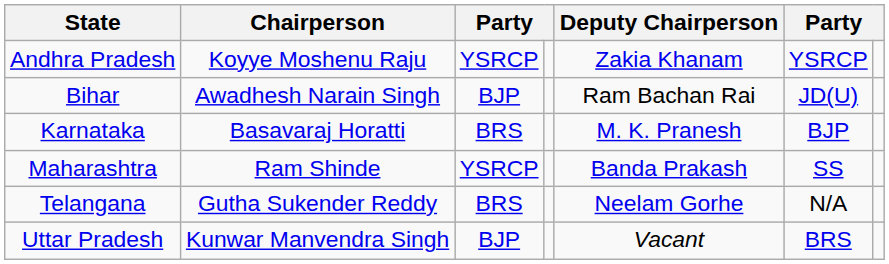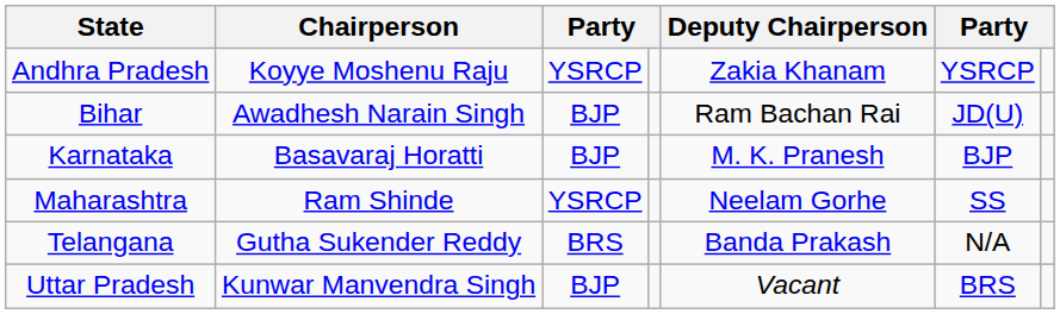 <table class="wikitable" style="text-align:center;">
 <tr>
 <th>State</th>
 <th>Chairperson</th>
 <th colspan="2" scope="col">Party</th>
 <th>Deputy Chairperson</th>
 <th colspan="2" scope="col">Party</th>
 </tr>
 <tr>
 <td><a href='#'>Andhra Pradesh</a></td>
 <td><a href='#'>Koyye Moshenu Raju</a></td>
 <td><a href='#'>YSRCP</a></td>
 <td style="background-color: "></td>
 <td><a href='#'>Zakia Khanam</a></td>
 <td><a href='#'>YSRCP</a></td>
 <td style="background-color: "></td>
 </tr>
 <tr>
 <td><a href='#'>Bihar</a></td>
 <td><a href='#'>Awadhesh Narain Singh </a><br></td>
 <td><a href='#'>BJP</a></td>
 <td style="background-color: "></td>
 <td>Ram Bachan Rai</td>
 <td><a href='#'>JD(U)</a></td>
 <td style="background-color: "></td>
 </tr>
 <tr>
 <td><a href='#'>Karnataka</a></td>
 <td><a href='#'>Basavaraj Horatti</a></td>
-<td><a href='#'>BRS</a></td>
+<td><a href='#'>BJP</a></td>
 <td style="background-color: "></td>
 <td><a href='#'>M. K. Pranesh</a></td>
 <td><a href='#'>BJP</a></td>
 <td style="background-color: "></td>
 </tr>
 <tr>
 <td><a href='#'>Maharashtra</a></td>
 <td><a href='#'>Ram Shinde</a></td>
 <td><a href='#'>YSRCP</a></td>
 <td style="background-color: "></td>
-<td><a href='#'>Banda Prakash</a></td>
+<td><a href='#'>Neelam Gorhe</a></td>
 <td><a href='#'>SS</a></td>
 <td style="background-color: "></td>
 </tr>
 <tr>
 <td><a href='#'>Telangana</a></td>
 <td><a href='#'>Gutha Sukender Reddy</a></td>
 <td><a href='#'>BRS</a></td>
 <td style="background-color: "></td>
-<td><a href='#'>Neelam Gorhe</a></td>
+<td><a href='#'>Banda Prakash</a></td>
 <td>N/A</td>
 <td style="background-color: "></td>
 </tr>
 <tr>
 <td><a href='#'>Uttar Pradesh</a></td>
 <td><a href='#'>Kunwar Manvendra Singh</a></td>
 <td><a href='#'>BJP</a></td>
 <td style="background-color: "></td>
 <td><em>Vacant</em></td>
 <td><a href='#'>BRS</a></td>
 <td style="background-color: "></td>
 </tr>
 </table>
